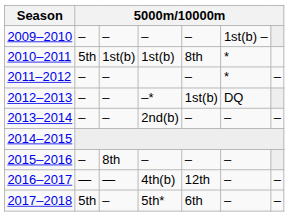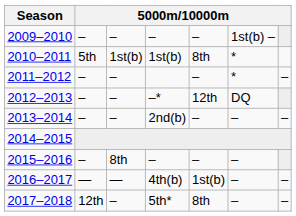 <table class="wikitable" style="display: inline-table;">
 <tr>
 <th>Season</th>
 <th colspan="6">5000m/10000m</th>
 </tr>
 <tr>
 <td><a href='#'>2009–2010</a></td>
 <td>–</td>
 <td>–</td>
 <td>–</td>
 <td>–</td>
 <td>1st(b) –</td>
 <td colspan="1" bgcolor=#EEEEEE></td>
 </tr>
 <tr>
 <td><a href='#'>2010–2011</a></td>
 <td>5th</td>
 <td>1st(b)</td>
 <td>1st(b)</td>
 <td>8th</td>
 <td>*</td>
 <td></td>
 </tr>
 <tr>
 <td><a href='#'>2011–2012</a></td>
 <td>–</td>
 <td>–</td>
 <td></td>
 <td>–</td>
 <td>*</td>
 <td>–</td>
 </tr>
 <tr>
 <td><a href='#'>2012–2013</a></td>
 <td>–</td>
 <td>–</td>
 <td>–*</td>
-<td>1st(b)</td>
+<td>12th</td>
 <td>DQ</td>
 <td colspan="3" bgcolor=#EEEEEE></td>
 </tr>
 <tr>
 <td><a href='#'>2013–2014</a></td>
 <td>–</td>
 <td>–</td>
 <td>2nd(b)</td>
 <td>–</td>
 <td>–</td>
 <td>–</td>
 </tr>
 <tr>
 <td><a href='#'>2014–2015</a></td>
 <td colspan="6" bgcolor=#EEEEEE></td>
 </tr>
 <tr>
 <td><a href='#'>2015–2016</a></td>
 <td>–</td>
 <td>8th</td>
 <td>–</td>
 <td>–</td>
 <td>–</td>
 <td colspan="1" bgcolor=#EEEEEE></td>
 </tr>
 <tr>
 <td><a href='#'>2016–2017</a></td>
 <td>—</td>
 <td>—</td>
 <td>4th(b)</td>
-<td>12th</td>
+<td>1st(b)</td>
 <td>–</td>
 <td>–</td>
 </tr>
 <tr>
 <td><a href='#'>2017–2018</a></td>
-<td>5th</td>
+<td>12th</td>
 <td>–</td>
 <td>5th*</td>
-<td>6th</td>
+<td>8th</td>
 <td>–</td>
 <td>–</td>
 </tr>
 </table>
